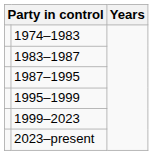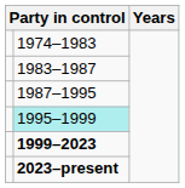 <table class="wikitable">
 <tr>
 <th colspan=2>Party in control</th>
 <th>Years</th>
 </tr>
 <tr>
 <td></td>
 <td>1974–1983</td>
 </tr>
 <tr>
 <td></td>
 <td>1983–1987</td>
 </tr>
 <tr>
 <td></td>
 <td>1987–1995</td>
 </tr>
 <tr>
 <td></td>
-<td>1995–1999</td>
+<td style="background: paleturquoise;">1995–1999</td>
 </tr>
 <tr>
 <td></td>
-<td>1999–2023</td>
+<td><strong>1999–2023</strong></td>
 </tr>
 <tr>
 <td></td>
-<td>2023–present</td>
+<td><strong>2023–present</strong></td>
 </tr>
 </table>
